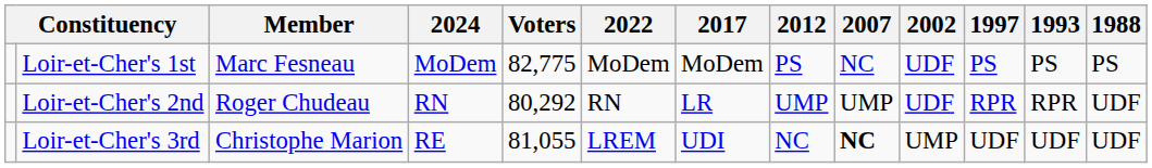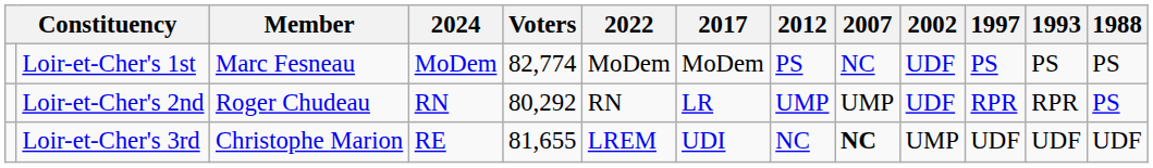 <table class="wikitable sortable">
 <tr>
 <th colspan="2">Constituency</th>
 <th>Member</th>
 <th>2024</th>
 <th>Voters</th>
 <th>2022</th>
 <th>2017</th>
 <th>2012</th>
 <th>2007</th>
 <th>2002</th>
 <th>1997</th>
 <th>1993</th>
 <th>1988</th>
 </tr>
 <tr>
 <td style="background-color: "></td>
 <td><a href='#'>Loir-et-Cher's 1st</a></td>
 <td><a href='#'>Marc Fesneau</a></td>
 <td><a href='#'>MoDem</a></td>
-<td>82,775</td>
+<td>82,774</td>
 <td>MoDem</td>
 <td>MoDem</td>
 <td><a href='#'>PS</a></td>
 <td><a href='#'>NC</a></td>
 <td><a href='#'>UDF</a></td>
 <td><a href='#'>PS</a></td>
 <td>PS</td>
 <td>PS</td>
 </tr>
 <tr>
 <td style="background-color: "></td>
 <td><a href='#'>Loir-et-Cher's 2nd</a></td>
 <td><a href='#'>Roger Chudeau</a></td>
 <td><a href='#'>RN</a></td>
 <td>80,292</td>
 <td>RN</td>
 <td><a href='#'>LR</a></td>
 <td><a href='#'>UMP</a></td>
 <td>UMP</td>
 <td><a href='#'>UDF</a></td>
 <td><a href='#'>RPR</a></td>
 <td>RPR</td>
-<td>UDF</td>
+<td><a href='#'>PS</a></td>
 </tr>
 <tr>
 <td style="background-color: "></td>
 <td><a href='#'>Loir-et-Cher's 3rd</a></td>
 <td><a href='#'>Christophe Marion</a></td>
 <td><a href='#'>RE</a></td>
-<td>81,055</td>
+<td>81,655</td>
 <td><a href='#'>LREM</a></td>
 <td><a href='#'>UDI</a></td>
 <td><a href='#'>NC</a></td>
 <td><strong>NC</strong></td>
 <td>UMP</td>
 <td>UDF</td>
 <td>UDF</td>
 <td>UDF</td>
 </tr>
 </table>
